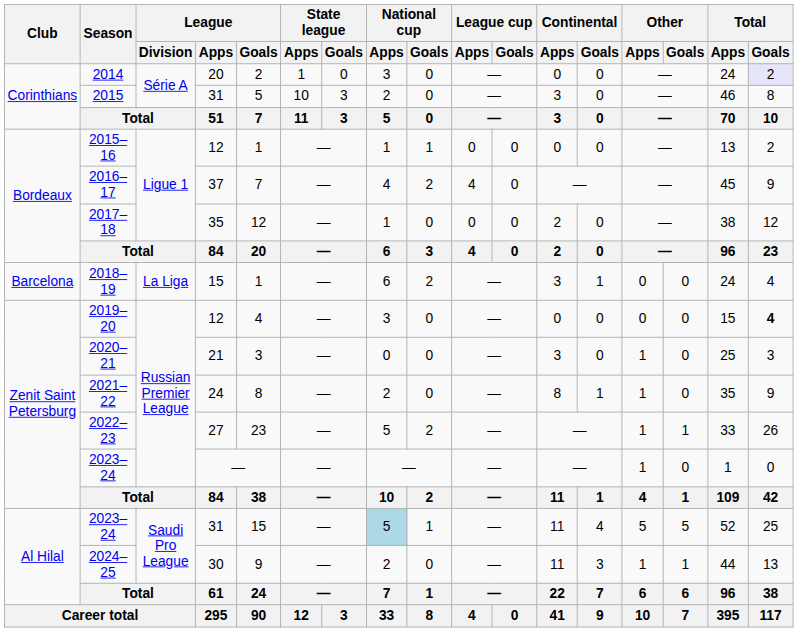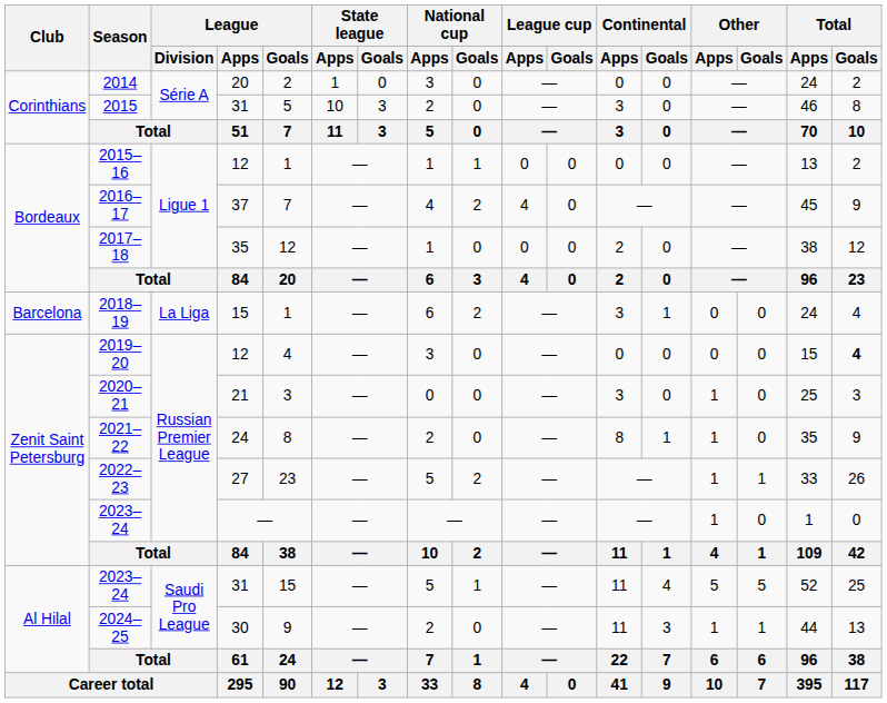 <table class="wikitable" style="text-align:center">
 <tr>
 <th rowspan="2">Club</th>
 <th rowspan="2">Season</th>
 <th colspan="3">League</th>
 <th colspan="2">State league</th>
 <th colspan="2">National cup</th>
 <th colspan="2">League cup</th>
 <th colspan="2">Continental</th>
 <th colspan="2">Other</th>
 <th colspan="2">Total</th>
 </tr>
 <tr>
 <th>Division</th>
 <th>Apps</th>
 <th>Goals</th>
 <th>Apps</th>
 <th>Goals</th>
 <th>Apps</th>
 <th>Goals</th>
 <th>Apps</th>
 <th>Goals</th>
 <th>Apps</th>
 <th>Goals</th>
 <th>Apps</th>
 <th>Goals</th>
 <th>Apps</th>
 <th>Goals</th>
 </tr>
 <tr>
 <td rowspan="3"><a href='#'>Corinthians</a></td>
 <td><a href='#'>2014</a></td>
 <td rowspan="2"><a href='#'>Série A</a></td>
 <td>20</td>
 <td>2</td>
 <td>1</td>
 <td>0</td>
 <td>3</td>
 <td>0</td>
 <td colspan="2">—</td>
 <td>0</td>
 <td>0</td>
 <td colspan="2">—</td>
 <td>24</td>
-<td style="background: lavender;">2</td>
+<td>2</td>
 </tr>
 <tr>
 <td><a href='#'>2015</a></td>
 <td>31</td>
 <td>5</td>
 <td>10</td>
 <td>3</td>
 <td>2</td>
 <td>0</td>
 <td colspan="2">—</td>
 <td>3</td>
 <td>0</td>
 <td colspan="2">—</td>
 <td>46</td>
 <td>8</td>
 </tr>
 <tr>
 <th colspan="2">Total</th>
 <th>51</th>
 <th>7</th>
 <th>11</th>
 <th>3</th>
 <th>5</th>
 <th>0</th>
 <th colspan="2">—</th>
 <th>3</th>
 <th>0</th>
 <th colspan="2">—</th>
 <th>70</th>
 <th>10</th>
 </tr>
 <tr>
 <td rowspan="4"><a href='#'>Bordeaux</a></td>
 <td><a href='#'>2015–16</a></td>
 <td rowspan="3"><a href='#'>Ligue 1</a></td>
 <td>12</td>
 <td>1</td>
 <td colspan="2">—</td>
 <td>1</td>
 <td>1</td>
 <td>0</td>
 <td>0</td>
 <td>0</td>
 <td>0</td>
 <td colspan="2">—</td>
 <td>13</td>
 <td>2</td>
 </tr>
 <tr>
 <td><a href='#'>2016–17</a></td>
 <td>37</td>
 <td>7</td>
 <td colspan="2">—</td>
 <td>4</td>
 <td>2</td>
 <td>4</td>
 <td>0</td>
 <td colspan="2">—</td>
 <td colspan="2">—</td>
 <td>45</td>
 <td>9</td>
 </tr>
 <tr>
 <td><a href='#'>2017–18</a></td>
 <td>35</td>
 <td>12</td>
 <td colspan="2">—</td>
 <td>1</td>
 <td>0</td>
 <td>0</td>
 <td>0</td>
 <td>2</td>
 <td>0</td>
 <td colspan="2">—</td>
 <td>38</td>
 <td>12</td>
 </tr>
 <tr>
 <th colspan="2">Total</th>
 <th>84</th>
 <th>20</th>
 <th colspan="2">—</th>
 <th>6</th>
 <th>3</th>
 <th>4</th>
 <th>0</th>
 <th>2</th>
 <th>0</th>
 <th colspan="2">—</th>
 <th>96</th>
 <th>23</th>
 </tr>
 <tr>
 <td><a href='#'>Barcelona</a></td>
 <td><a href='#'>2018–19</a></td>
 <td><a href='#'>La Liga</a></td>
 <td>15</td>
 <td>1</td>
 <td colspan="2">—</td>
 <td>6</td>
 <td>2</td>
 <td colspan="2">—</td>
 <td>3</td>
 <td>1</td>
 <td>0</td>
 <td>0</td>
 <td>24</td>
 <td>4</td>
 </tr>
 <tr>
 <td rowspan="6"><a href='#'>Zenit Saint Petersburg</a></td>
 <td><a href='#'>2019–20</a></td>
 <td rowspan="5"><a href='#'>Russian Premier League</a></td>
 <td>12</td>
 <td>4</td>
 <td colspan="2">—</td>
 <td>3</td>
 <td>0</td>
 <td colspan="2">—</td>
 <td>0</td>
 <td>0</td>
 <td>0</td>
 <td>0</td>
 <td>15</td>
 <td><strong>4</strong></td>
 </tr>
 <tr>
 <td><a href='#'>2020–21</a></td>
 <td>21</td>
 <td>3</td>
 <td colspan="2">—</td>
 <td>0</td>
 <td>0</td>
 <td colspan="2">—</td>
 <td>3</td>
 <td>0</td>
 <td>1</td>
 <td>0</td>
 <td>25</td>
 <td>3</td>
 </tr>
 <tr>
 <td><a href='#'>2021–22</a></td>
 <td>24</td>
 <td>8</td>
 <td colspan="2">—</td>
 <td>2</td>
 <td>0</td>
 <td colspan="2">—</td>
 <td>8</td>
 <td>1</td>
 <td>1</td>
 <td>0</td>
 <td>35</td>
 <td>9</td>
 </tr>
 <tr>
 <td><a href='#'>2022–23</a></td>
 <td>27</td>
 <td>23</td>
 <td colspan="2">—</td>
 <td>5</td>
 <td>2</td>
 <td colspan="2">—</td>
 <td colspan="2">—</td>
 <td>1</td>
 <td>1</td>
 <td>33</td>
 <td>26</td>
 </tr>
 <tr>
 <td><a href='#'>2023–24</a></td>
 <td colspan="2">—</td>
 <td colspan="2">—</td>
 <td colspan="2">—</td>
 <td colspan="2">—</td>
 <td colspan="2">—</td>
 <td>1</td>
 <td>0</td>
 <td>1</td>
 <td>0</td>
 </tr>
 <tr>
 <th colspan="2">Total</th>
 <th>84</th>
 <th>38</th>
 <th colspan="2">—</th>
 <th>10</th>
 <th>2</th>
 <th colspan="2">—</th>
 <th>11</th>
 <th>1</th>
 <th>4</th>
 <th>1</th>
 <th>109</th>
 <th>42</th>
 </tr>
 <tr>
 <td rowspan="3"><a href='#'>Al Hilal</a></td>
 <td><a href='#'>2023–24</a></td>
 <td rowspan="2"><a href='#'>Saudi Pro League</a></td>
 <td>31</td>
 <td>15</td>
 <td colspan="2">—</td>
-<td style="background: lightblue;">5</td>
+<td>5</td>
 <td>1</td>
 <td colspan="2">—</td>
 <td>11</td>
 <td>4</td>
 <td>5</td>
 <td>5</td>
 <td>52</td>
 <td>25</td>
 </tr>
 <tr>
 <td><a href='#'>2024–25</a></td>
 <td>30</td>
 <td>9</td>
 <td colspan="2">—</td>
 <td>2</td>
 <td>0</td>
 <td colspan="2">—</td>
 <td>11</td>
 <td>3</td>
 <td>1</td>
 <td>1</td>
 <td>44</td>
 <td>13</td>
 </tr>
 <tr>
 <th colspan="2">Total</th>
 <th>61</th>
 <th>24</th>
 <th colspan="2">—</th>
 <th>7</th>
 <th>1</th>
 <th colspan="2">—</th>
 <th>22</th>
 <th>7</th>
 <th>6</th>
 <th>6</th>
 <th>96</th>
 <th>38</th>
 </tr>
 <tr>
 <th colspan="3">Career total</th>
 <th>295</th>
 <th>90</th>
 <th>12</th>
 <th>3</th>
 <th>33</th>
 <th>8</th>
 <th>4</th>
 <th>0</th>
 <th>41</th>
 <th>9</th>
 <th>10</th>
 <th>7</th>
 <th>395</th>
 <th>117</th>
 </tr>
 </table>
